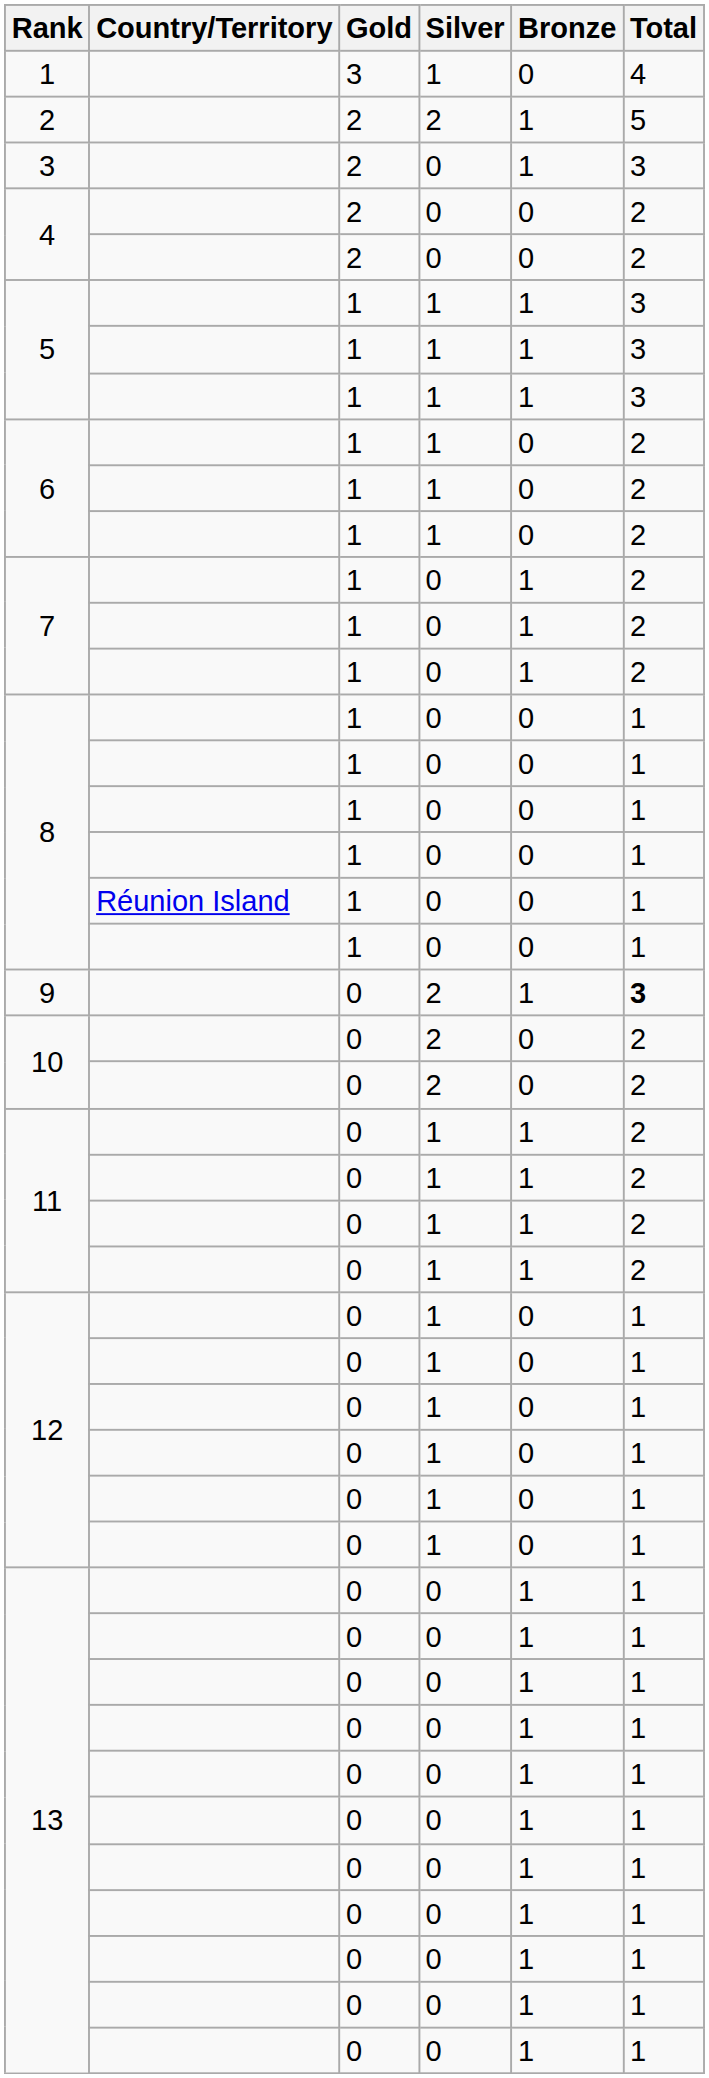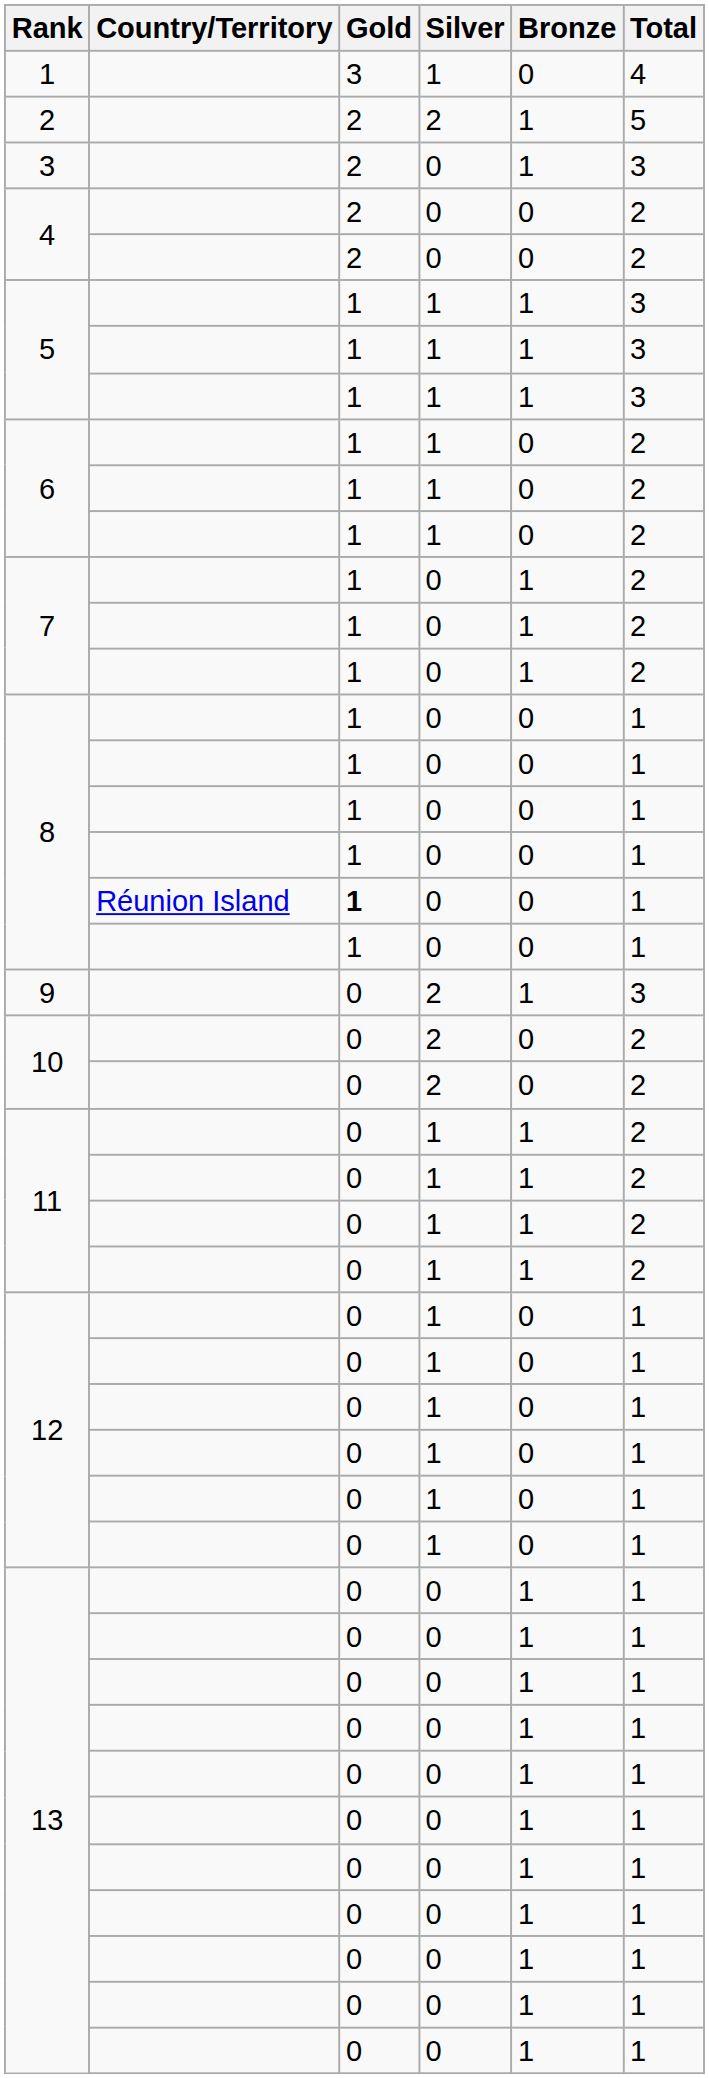 <table class="wikitable sortable" style="font-size:95%;">
 <tr>
 <th>Rank</th>
 <th>Country/Territory</th>
 <th>Gold </th>
 <th>Silver </th>
 <th>Bronze </th>
 <th>Total</th>
 </tr>
 <tr>
 <td rowspan=1 align=center>1</td>
 <td></td>
 <td>3</td>
 <td>1</td>
 <td>0</td>
 <td>4</td>
 </tr>
 <tr>
 <td rowspan=1 align=center>2</td>
 <td></td>
 <td>2</td>
 <td>2</td>
 <td>1</td>
 <td>5</td>
 </tr>
 <tr>
 <td rowspan=1 align=center>3</td>
 <td></td>
 <td>2</td>
 <td>0</td>
 <td>1</td>
 <td>3</td>
 </tr>
 <tr>
 <td rowspan=2 align=center>4</td>
 <td></td>
 <td>2</td>
 <td>0</td>
 <td>0</td>
 <td>2</td>
 </tr>
 <tr>
 <td></td>
 <td>2</td>
 <td>0</td>
 <td>0</td>
 <td>2</td>
 </tr>
 <tr>
 <td rowspan=3 align=center>5</td>
 <td></td>
 <td>1</td>
 <td>1</td>
 <td>1</td>
 <td>3</td>
 </tr>
 <tr>
 <td></td>
 <td>1</td>
 <td>1</td>
 <td>1</td>
 <td>3</td>
 </tr>
 <tr>
 <td></td>
 <td>1</td>
 <td>1</td>
 <td>1</td>
 <td>3</td>
 </tr>
 <tr>
 <td rowspan=3 align=center>6</td>
 <td></td>
 <td>1</td>
 <td>1</td>
 <td>0</td>
 <td>2</td>
 </tr>
 <tr>
 <td></td>
 <td>1</td>
 <td>1</td>
 <td>0</td>
 <td>2</td>
 </tr>
 <tr>
 <td></td>
 <td>1</td>
 <td>1</td>
 <td>0</td>
 <td>2</td>
 </tr>
 <tr>
 <td rowspan=3 align=center>7</td>
 <td></td>
 <td>1</td>
 <td>0</td>
 <td>1</td>
 <td>2</td>
 </tr>
 <tr>
 <td></td>
 <td>1</td>
 <td>0</td>
 <td>1</td>
 <td>2</td>
 </tr>
 <tr>
 <td></td>
 <td>1</td>
 <td>0</td>
 <td>1</td>
 <td>2</td>
 </tr>
 <tr>
 <td rowspan=6 align=center>8</td>
 <td></td>
 <td>1</td>
 <td>0</td>
 <td>0</td>
 <td>1</td>
 </tr>
 <tr>
 <td></td>
 <td>1</td>
 <td>0</td>
 <td>0</td>
 <td>1</td>
 </tr>
 <tr>
 <td></td>
 <td>1</td>
 <td>0</td>
 <td>0</td>
 <td>1</td>
 </tr>
 <tr>
 <td></td>
 <td>1</td>
 <td>0</td>
 <td>0</td>
 <td>1</td>
 </tr>
 <tr>
 <td> <a href='#'>Réunion Island</a></td>
-<td>1</td>
+<td><strong>1</strong></td>
 <td>0</td>
 <td>0</td>
 <td>1</td>
 </tr>
 <tr>
 <td></td>
 <td>1</td>
 <td>0</td>
 <td>0</td>
 <td>1</td>
 </tr>
 <tr>
 <td rowspan=1 align=center>9</td>
 <td></td>
 <td>0</td>
 <td>2</td>
 <td>1</td>
-<td><strong>3</strong></td>
+<td>3</td>
 </tr>
 <tr>
 <td rowspan=2 align=center>10</td>
 <td></td>
 <td>0</td>
 <td>2</td>
 <td>0</td>
 <td>2</td>
 </tr>
 <tr>
 <td></td>
 <td>0</td>
 <td>2</td>
 <td>0</td>
 <td>2</td>
 </tr>
 <tr>
 <td rowspan=4 align=center>11</td>
 <td></td>
 <td>0</td>
 <td>1</td>
 <td>1</td>
 <td>2</td>
 </tr>
 <tr>
 <td></td>
 <td>0</td>
 <td>1</td>
 <td>1</td>
 <td>2</td>
 </tr>
 <tr>
 <td></td>
 <td>0</td>
 <td>1</td>
 <td>1</td>
 <td>2</td>
 </tr>
 <tr>
 <td></td>
 <td>0</td>
 <td>1</td>
 <td>1</td>
 <td>2</td>
 </tr>
 <tr>
 <td rowspan=6 align=center>12</td>
 <td></td>
 <td>0</td>
 <td>1</td>
 <td>0</td>
 <td>1</td>
 </tr>
 <tr>
 <td></td>
 <td>0</td>
 <td>1</td>
 <td>0</td>
 <td>1</td>
 </tr>
 <tr>
 <td></td>
 <td>0</td>
 <td>1</td>
 <td>0</td>
 <td>1</td>
 </tr>
 <tr>
 <td></td>
 <td>0</td>
 <td>1</td>
 <td>0</td>
 <td>1</td>
 </tr>
 <tr>
 <td></td>
 <td>0</td>
 <td>1</td>
 <td>0</td>
 <td>1</td>
 </tr>
 <tr>
 <td></td>
 <td>0</td>
 <td>1</td>
 <td>0</td>
 <td>1</td>
 </tr>
 <tr>
 <td rowspan=13 align=center>13</td>
 <td></td>
 <td>0</td>
 <td>0</td>
 <td>1</td>
 <td>1</td>
 </tr>
 <tr>
 <td></td>
 <td>0</td>
 <td>0</td>
 <td>1</td>
 <td>1</td>
 </tr>
 <tr>
 <td></td>
 <td>0</td>
 <td>0</td>
 <td>1</td>
 <td>1</td>
 </tr>
 <tr>
 <td></td>
 <td>0</td>
 <td>0</td>
 <td>1</td>
 <td>1</td>
 </tr>
 <tr>
 <td></td>
 <td>0</td>
 <td>0</td>
 <td>1</td>
 <td>1</td>
 </tr>
 <tr>
 <td></td>
 <td>0</td>
 <td>0</td>
 <td>1</td>
 <td>1</td>
 </tr>
 <tr>
 <td></td>
 <td>0</td>
 <td>0</td>
 <td>1</td>
 <td>1</td>
 </tr>
 <tr>
 <td></td>
 <td>0</td>
 <td>0</td>
 <td>1</td>
 <td>1</td>
 </tr>
 <tr>
 <td></td>
 <td>0</td>
 <td>0</td>
 <td>1</td>
 <td>1</td>
 </tr>
 <tr>
 <td></td>
 <td>0</td>
 <td>0</td>
 <td>1</td>
 <td>1</td>
 </tr>
 <tr>
 <td></td>
 <td>0</td>
 <td>0</td>
 <td>1</td>
 <td>1</td>
 </tr>
 <tr>
 </tr>
 </table>
